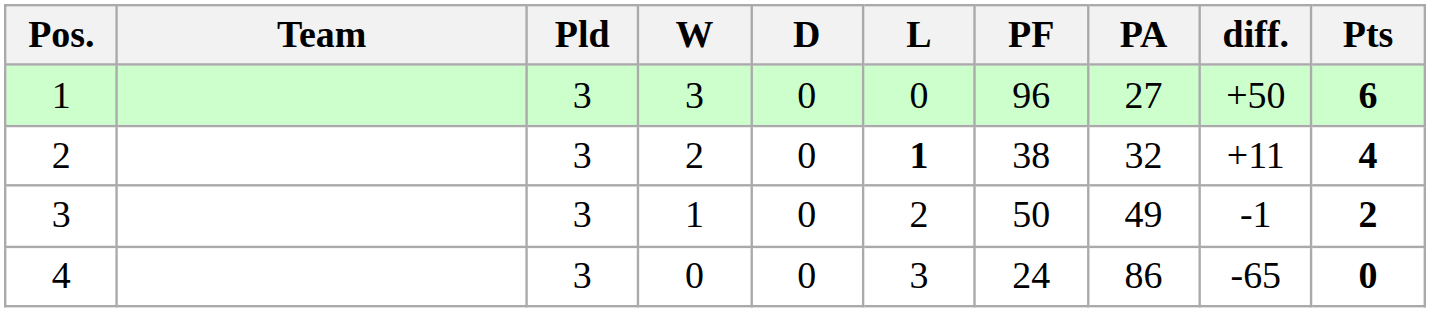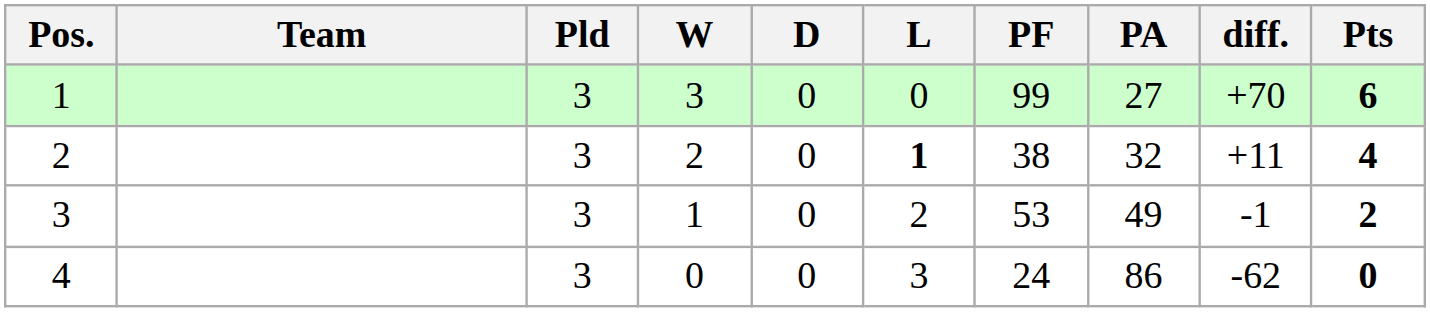 <table class="wikitable" style="text-align: center;">
 <tr>
 <th width=40>Pos.</th>
 <th width=165>Team</th>
 <th width=40>Pld</th>
 <th width=40>W</th>
 <th width=40>D</th>
 <th width=40>L</th>
 <th width=40>PF</th>
 <th width=40>PA</th>
 <th width=40>diff.</th>
 <th width=40>Pts</th>
 </tr>
 <tr bgcolor=#ccffcc align=center>
 <td>1</td>
 <td align=left></td>
 <td>3</td>
 <td>3</td>
 <td>0</td>
 <td>0</td>
-<td>96</td>
+<td>99</td>
 <td>27</td>
-<td>+50</td>
+<td>+70</td>
 <td><strong>6</strong></td>
 </tr>
 <tr bgcolor=#ffffff align=center>
 <td>2</td>
 <td align=left></td>
 <td>3</td>
 <td>2</td>
 <td>0</td>
 <td><strong>1</strong></td>
 <td>38</td>
 <td>32</td>
 <td>+11</td>
 <td><strong>4</strong></td>
 </tr>
 <tr bgcolor=#ffffff align=center>
 <td>3</td>
 <td align=left></td>
 <td>3</td>
 <td>1</td>
 <td>0</td>
 <td>2</td>
-<td>50</td>
+<td>53</td>
 <td>49</td>
 <td>-1</td>
 <td><strong>2</strong></td>
 </tr>
 <tr bgcolor=#ffffff align=center>
 <td>4</td>
 <td align=left></td>
 <td>3</td>
 <td>0</td>
 <td>0</td>
 <td>3</td>
 <td>24</td>
 <td>86</td>
-<td>-65</td>
+<td>-62</td>
 <td><strong>0</strong></td>
 </tr>
 </table>
